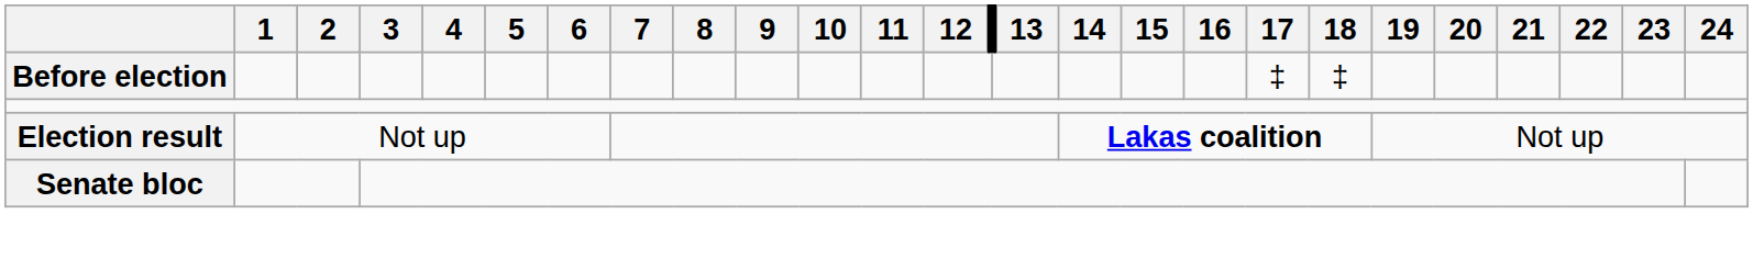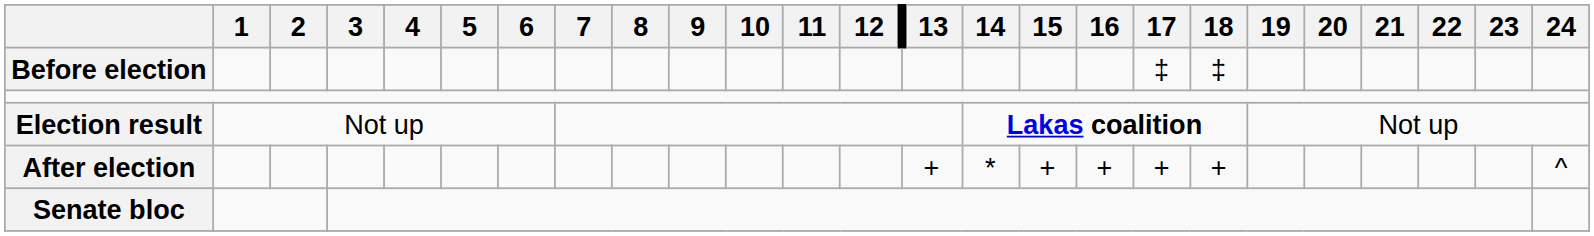 <table class="wikitable" style="text-align:center; font-size:95%">
 <tr>
 <th></th>
 <th width="25px">1</th>
 <th width="25px">2</th>
 <th width="25px">3</th>
 <th width="25px">4</th>
 <th width="25px">5</th>
 <th width="25px">6</th>
 <th width="25px">7</th>
 <th width="25px">8</th>
 <th width="25px">9</th>
 <th width="25px">10</th>
 <th width="25px">11</th>
 <th width="25px">12</th>
 <th width="25px" style="border-left:5px solid black;">13</th>
 <th width="25px">14</th>
 <th width="25px">15</th>
 <th width="25px">16</th>
 <th width="25px">17</th>
 <th width="25px">18</th>
 <th width="25px">19</th>
 <th width="25px">20</th>
 <th width="25px">21</th>
 <th width="25px">22</th>
 <th width="25px">23</th>
 <th width="25px">24</th>
 </tr>
 <tr>
 <th>Before election</th>
 <td></td>
 <td></td>
 <td></td>
 <td></td>
 <td></td>
 <td></td>
 <td></td>
 <td></td>
 <td></td>
 <td></td>
 <td></td>
 <td></td>
 <td></td>
 <td></td>
 <td></td>
 <td></td>
 <td>‡</td>
 <td>‡</td>
 <td></td>
 <td></td>
 <td></td>
 <td></td>
 <td></td>
 <td></td>
 </tr>
 <tr>
 <td colspan="25"></td>
 </tr>
 <tr>
 <th>Election result</th>
 <td colspan="6">Not up</td>
 <td colspan="7"><strong><a href='#'></a></strong></td>
 <td colspan="5"><strong><a href='#'>Lakas</a> coalition</strong></td>
 <td colspan="6">Not up</td>
 </tr>
 <tr>
+<th>After election</th>
+<td></td>
+<td></td>
+<td></td>
+<td></td>
+<td></td>
+<td></td>
+<td></td>
+<td></td>
+<td></td>
+<td></td>
+<td></td>
+<td></td>
+<td>+</td>
+<td>*</td>
+<td>+</td>
+<td>+</td>
+<td>+</td>
+<td>+</td>
+<td></td>
+<td></td>
+<td></td>
+<td></td>
+<td></td>
+<td>^</td>
+</tr>
+<tr>
 <th>Senate bloc</th>
 <td colspan=2></td>
 <td colspan=21></td>
 </tr>
 </table>
